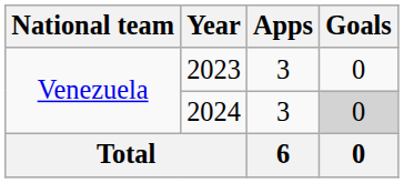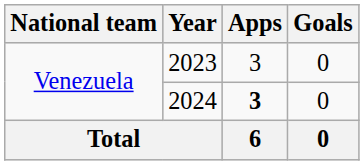 <table class="wikitable" style="text-align:center">
 <tr>
 <th>National team</th>
 <th>Year</th>
 <th>Apps</th>
 <th>Goals</th>
 </tr>
 <tr>
 <td rowspan="2"><a href='#'>Venezuela</a></td>
 <td>2023</td>
 <td>3</td>
 <td>0</td>
 </tr>
 <tr>
 <td>2024</td>
-<td>3</td>
-<td style="background: lightgrey;">0</td>
+<td><strong>3</strong></td>
+<td>0</td>
 </tr>
 <tr>
 <th colspan="2">Total</th>
 <th>6</th>
 <th>0</th>
 </tr>
 </table>
